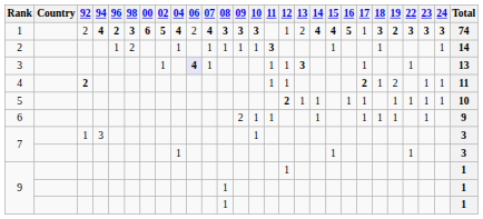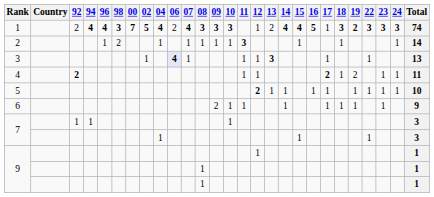 <table class=wikitable style="font-size:90%; text-align:center">
 <tr>
 <th>Rank</th>
 <th width=150>Country</th>
 <th><a href='#'>92</a></th>
 <th><a href='#'>94</a></th>
 <th><a href='#'>96</a></th>
 <th><a href='#'>98</a></th>
 <th><a href='#'>00</a></th>
 <th><a href='#'>02</a></th>
 <th><a href='#'>04</a></th>
 <th><a href='#'>06</a></th>
 <th><a href='#'>07</a></th>
 <th><a href='#'>08</a></th>
 <th><a href='#'>09</a></th>
 <th><a href='#'>10</a></th>
 <th><a href='#'>11</a></th>
 <th><a href='#'>12</a></th>
 <th><a href='#'>13</a></th>
 <th><a href='#'>14</a></th>
 <th><a href='#'>15</a></th>
 <th><a href='#'>16</a></th>
 <th><a href='#'>17</a></th>
 <th><a href='#'>18</a></th>
 <th><a href='#'>19</a></th>
 <th><a href='#'>22</a></th>
 <th><a href='#'>23</a></th>
 <th><a href='#'>24</a></th>
 <th>Total</th>
 </tr>
 <tr>
 <td>1</td>
 <td align=left></td>
 <td>2</td>
 <td><strong>4</strong></td>
-<td><strong>2</strong></td>
+<td><strong>4</strong></td>
 <td><strong>3</strong></td>
-<td><strong>6</strong></td>
+<td><strong>7</strong></td>
 <td><strong>5</strong></td>
 <td><strong>4</strong></td>
 <td>2</td>
 <td><strong>4</strong></td>
 <td><strong>3</strong></td>
 <td><strong>3</strong></td>
 <td><strong>3</strong></td>
 <td></td>
 <td>1</td>
 <td>2</td>
 <td><strong>4</strong></td>
 <td><strong>4</strong></td>
 <td><strong>5</strong></td>
 <td>1</td>
 <td><strong>3</strong></td>
 <td><strong>2</strong></td>
 <td><strong>3</strong></td>
 <td><strong>3</strong></td>
 <td><strong>3</strong></td>
 <th>74</th>
 </tr>
 <tr>
 <td>2</td>
 <td align=left></td>
 <td></td>
 <td></td>
 <td>1</td>
 <td>2</td>
 <td></td>
 <td></td>
 <td>1</td>
 <td></td>
 <td>1</td>
 <td>1</td>
 <td>1</td>
 <td>1</td>
 <td><strong>3</strong></td>
 <td></td>
 <td></td>
 <td></td>
 <td>1</td>
 <td></td>
 <td></td>
 <td>1</td>
 <td></td>
 <td></td>
 <td></td>
 <td>1</td>
 <th>14</th>
 </tr>
 <tr>
 <td>3</td>
 <td align=left></td>
 <td></td>
 <td></td>
 <td></td>
 <td></td>
 <td></td>
 <td>1</td>
 <td></td>
 <td style="background: lavender;"><strong>4</strong></td>
 <td>1</td>
 <td></td>
 <td></td>
 <td></td>
 <td>1</td>
 <td>1</td>
 <td><strong>3</strong></td>
 <td></td>
 <td></td>
 <td></td>
 <td>1</td>
 <td></td>
 <td></td>
 <td>1</td>
 <td></td>
 <td></td>
 <th>13</th>
 </tr>
 <tr>
 <td>4</td>
 <td align=left></td>
 <td><strong>2</strong></td>
 <td></td>
 <td></td>
 <td></td>
 <td></td>
 <td></td>
 <td></td>
 <td></td>
 <td></td>
 <td></td>
 <td></td>
 <td></td>
 <td>1</td>
 <td>1</td>
 <td></td>
 <td></td>
 <td></td>
 <td></td>
 <td><strong>2</strong></td>
 <td>1</td>
 <td>2</td>
 <td></td>
 <td>1</td>
 <td>1</td>
 <th>11</th>
 </tr>
 <tr>
 <td>5</td>
 <td align=left></td>
 <td></td>
 <td></td>
 <td></td>
 <td></td>
 <td></td>
 <td></td>
 <td></td>
 <td></td>
 <td></td>
 <td></td>
 <td></td>
 <td></td>
 <td></td>
 <td><strong>2</strong></td>
 <td>1</td>
 <td>1</td>
 <td></td>
 <td>1</td>
 <td>1</td>
 <td></td>
 <td>1</td>
 <td>1</td>
 <td>1</td>
 <td>1</td>
 <th>10</th>
 </tr>
 <tr>
 <td>6</td>
 <td align=left></td>
 <td></td>
 <td></td>
 <td></td>
 <td></td>
 <td></td>
 <td></td>
 <td></td>
 <td></td>
 <td></td>
 <td></td>
 <td>2</td>
 <td>1</td>
 <td>1</td>
 <td></td>
 <td></td>
 <td>1</td>
 <td></td>
 <td></td>
 <td>1</td>
 <td>1</td>
 <td>1</td>
 <td></td>
 <td>1</td>
 <td></td>
 <th>9</th>
 </tr>
 <tr>
 <td rowspan="2">7</td>
 <td align=left></td>
 <td>1</td>
-<td>3</td>
+<td>1</td>
 <td></td>
 <td></td>
 <td></td>
 <td></td>
 <td></td>
 <td></td>
 <td></td>
 <td></td>
 <td></td>
 <td>1</td>
 <td></td>
 <td></td>
 <td></td>
 <td></td>
 <td></td>
 <td></td>
 <td></td>
 <td></td>
 <td></td>
 <td></td>
 <td></td>
 <td></td>
 <th>3</th>
 </tr>
 <tr>
 <td align=left></td>
 <td></td>
 <td></td>
 <td></td>
 <td></td>
 <td></td>
 <td></td>
 <td>1</td>
 <td></td>
 <td></td>
 <td></td>
 <td></td>
 <td></td>
 <td></td>
 <td></td>
 <td></td>
 <td></td>
 <td>1</td>
 <td></td>
 <td></td>
 <td></td>
 <td></td>
 <td>1</td>
 <td></td>
 <td></td>
 <th>3</th>
 </tr>
 <tr>
 <td rowspan="3">9</td>
 <td align=left></td>
 <td></td>
 <td></td>
 <td></td>
 <td></td>
 <td></td>
 <td></td>
 <td></td>
 <td></td>
 <td></td>
 <td></td>
 <td></td>
 <td></td>
 <td></td>
 <td>1</td>
 <td></td>
 <td></td>
 <td></td>
 <td></td>
 <td></td>
 <td></td>
 <td></td>
 <td></td>
 <td></td>
 <td></td>
 <th>1</th>
 </tr>
 <tr>
 <td align=left></td>
 <td></td>
 <td></td>
 <td></td>
 <td></td>
 <td></td>
 <td></td>
 <td></td>
 <td></td>
 <td></td>
 <td>1</td>
 <td></td>
 <td></td>
 <td></td>
 <td></td>
 <td></td>
 <td></td>
 <td></td>
 <td></td>
 <td></td>
 <td></td>
 <td></td>
 <td></td>
 <td></td>
 <td></td>
 <th>1</th>
 </tr>
 <tr>
 <td align=left></td>
 <td></td>
 <td></td>
 <td></td>
 <td></td>
 <td></td>
 <td></td>
 <td></td>
 <td></td>
 <td></td>
 <td>1</td>
 <td></td>
 <td></td>
 <td></td>
 <td></td>
 <td></td>
 <td></td>
 <td></td>
 <td></td>
 <td></td>
 <td></td>
 <td></td>
 <td></td>
 <td></td>
 <td></td>
 <th>1</th>
 </tr>
 </table>
